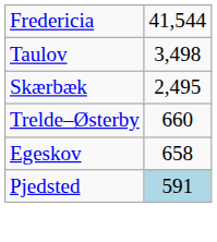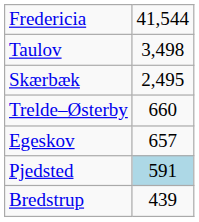 <table class="wikitable" style="margin-right:1em">
 <tr>
 <td><a href='#'>Fredericia</a></td>
 <td align="center">41,544</td>
 </tr>
 <tr>
 <td><a href='#'>Taulov</a></td>
 <td align="center">3,498</td>
 </tr>
 <tr>
 <td><a href='#'>Skærbæk</a></td>
 <td align="center">2,495</td>
 </tr>
 <tr>
 <td><a href='#'>Trelde–Østerby</a></td>
 <td align="center">660</td>
 </tr>
 <tr>
 <td><a href='#'>Egeskov</a></td>
-<td align="center">658</td>
+<td align="center">657</td>
 </tr>
 <tr>
 <td><a href='#'>Pjedsted</a></td>
 <td align="center" style="background: lightblue;">591</td>
 </tr>
+<tr>
+<td><a href='#'>Bredstrup</a></td>
+<td align="center">439</td>
+</tr>
 </table>
